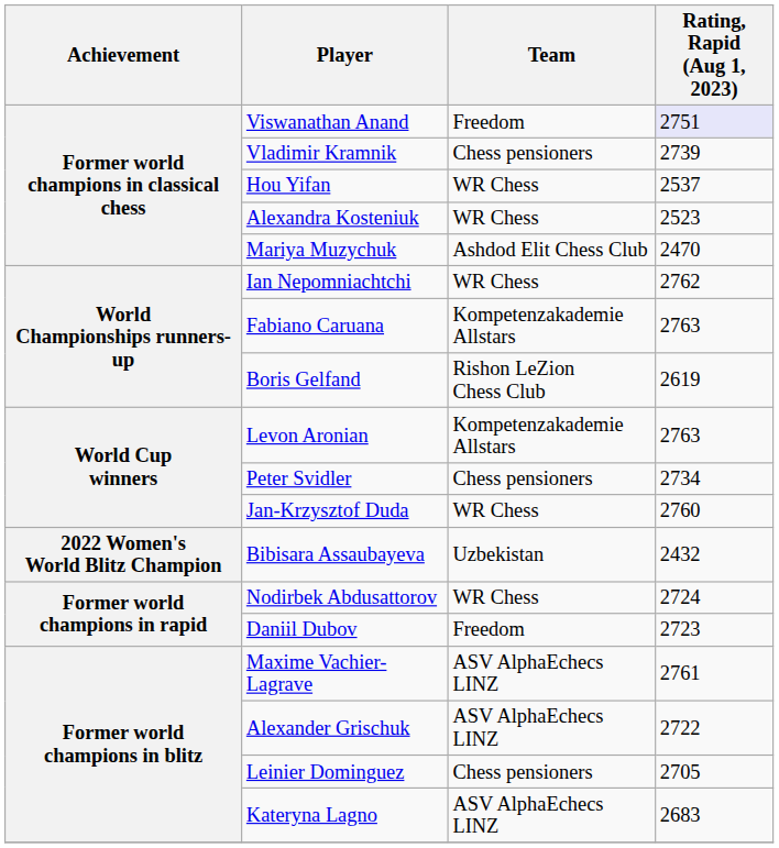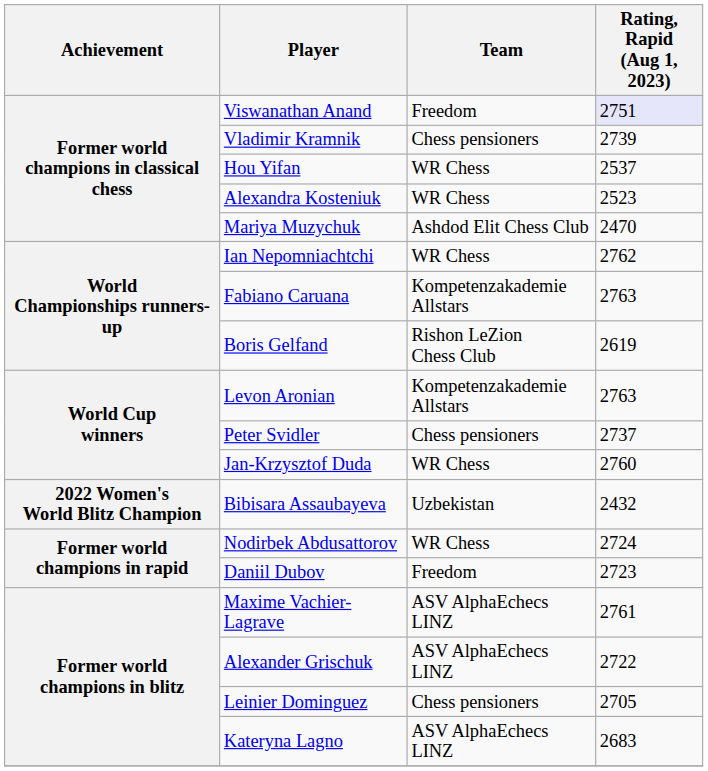 <table class="wikitable">
 <tr>
 <th scope="col">Achievement</th>
 <th scope="col">Player</th>
 <th scope="col">Team</th>
 <th scope="col">Rating,<br>Rapid<br>(Aug 1,  2023)</th>
 </tr>
 <tr>
 <th rowspan="5">Former world<br>champions in classical chess</th>
 <td><a href='#'>Viswanathan Anand</a></td>
 <td>Freedom</td>
 <td style="background: lavender;">2751</td>
 </tr>
 <tr>
 <td><a href='#'>Vladimir Kramnik</a></td>
 <td>Chess pensioners</td>
 <td>2739</td>
 </tr>
 <tr>
 <td><a href='#'>Hou Yifan</a></td>
 <td>WR Chess</td>
 <td>2537</td>
 </tr>
 <tr>
 <td><a href='#'>Alexandra Kosteniuk</a></td>
 <td>WR Chess</td>
 <td>2523</td>
 </tr>
 <tr>
 <td><a href='#'>Mariya Muzychuk</a></td>
 <td>Ashdod Elit Chess Club</td>
 <td>2470</td>
 </tr>
 <tr>
 <th rowspan="3">World<br>Championships runners-up</th>
 <td><a href='#'>Ian Nepomniachtchi</a></td>
 <td>WR Chess</td>
 <td>2762</td>
 </tr>
 <tr>
 <td><a href='#'>Fabiano Caruana</a></td>
 <td>Kompetenzakademie<br>Allstars</td>
 <td>2763</td>
 </tr>
 <tr>
 <td><a href='#'>Boris Gelfand</a></td>
 <td>Rishon LeZion<br>Chess Club</td>
 <td>2619</td>
 </tr>
 <tr>
 <th rowspan="3">World Cup<br>winners</th>
 <td><a href='#'>Levon Aronian</a></td>
 <td>Kompetenzakademie<br>Allstars</td>
 <td>2763</td>
 </tr>
 <tr>
 <td><a href='#'>Peter Svidler</a></td>
 <td>Chess pensioners</td>
-<td>2734</td>
+<td>2737</td>
 </tr>
 <tr>
 <td><a href='#'>Jan-Krzysztof Duda</a></td>
 <td>WR Chess</td>
 <td>2760</td>
 </tr>
 <tr>
 <th>2022 Women's<br>World Blitz Champion</th>
 <td><a href='#'>Bibisara Assaubayeva</a></td>
 <td>Uzbekistan</td>
 <td>2432</td>
 </tr>
 <tr>
 <th rowspan="2">Former world<br>champions in rapid</th>
 <td><a href='#'>Nodirbek Abdusattorov</a></td>
 <td>WR Chess</td>
 <td>2724</td>
 </tr>
 <tr>
 <td><a href='#'>Daniil Dubov</a></td>
 <td>Freedom</td>
 <td>2723</td>
 </tr>
 <tr>
 <th rowspan="4">Former world<br>champions in blitz</th>
 <td><a href='#'>Maxime Vachier-Lagrave</a></td>
 <td>ASV AlphaEchecs LINZ</td>
 <td>2761</td>
 </tr>
 <tr>
 <td><a href='#'>Alexander Grischuk</a></td>
 <td>ASV AlphaEchecs LINZ</td>
 <td>2722</td>
 </tr>
 <tr>
 <td><a href='#'>Leinier Dominguez</a></td>
 <td>Chess pensioners</td>
 <td>2705</td>
 </tr>
 <tr>
 <td><a href='#'>Kateryna Lagno</a></td>
 <td>ASV AlphaEchecs LINZ</td>
 <td>2683</td>
 </tr>
 <tr>
 </tr>
 </table>
